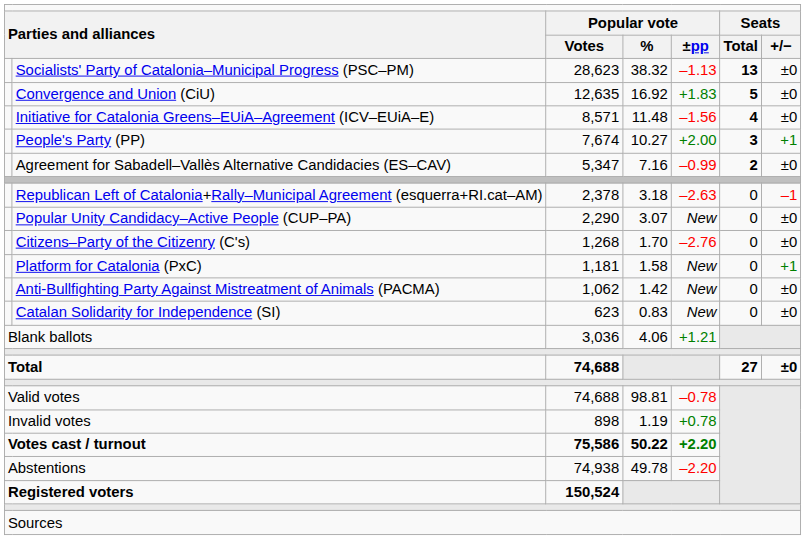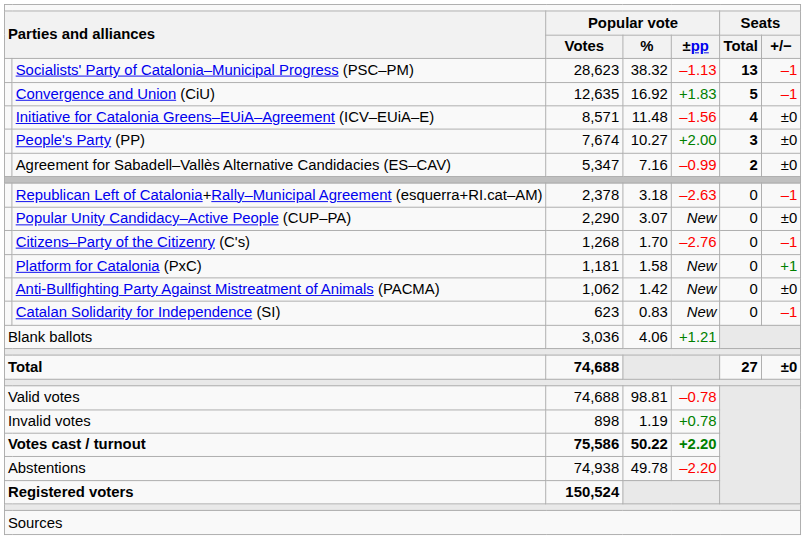 <table class="wikitable" style="text-align:right;">
 <tr>
 <td colspan="7"></td>
 </tr>
 <tr>
 <th style="text-align:left;" rowspan="2" colspan="2" width="525">Parties and alliances</th>
 <th colspan="3">Popular vote</th>
 <th colspan="2">Seats</th>
 </tr>
 <tr>
 <th width="75">Votes</th>
 <th width="45">%</th>
 <th width="45">±<a href='#'>pp</a></th>
 <th width="35">Total</th>
 <th width="35">+/−</th>
 </tr>
 <tr>
 <td width="1" style="color:inherit;background:"></td>
 <td align="left"><a href='#'>Socialists' Party of Catalonia–Municipal Progress</a> (PSC–PM)</td>
 <td>28,623</td>
 <td>38.32</td>
 <td style="color:red;">–1.13</td>
 <td><strong>13</strong></td>
-<td>±0</td>
+<td style="color:red;">–1</td>
 </tr>
 <tr>
 <td style="color:inherit;background:"></td>
 <td align="left"><a href='#'>Convergence and Union</a> (CiU)</td>
 <td>12,635</td>
 <td>16.92</td>
 <td style="color:green;">+1.83</td>
 <td><strong>5</strong></td>
-<td>±0</td>
+<td style="color:red;">–1</td>
 </tr>
 <tr>
 <td style="color:inherit;background:"></td>
 <td align="left"><a href='#'>Initiative for Catalonia Greens–EUiA–Agreement</a> (ICV–EUiA–E)</td>
 <td>8,571</td>
 <td>11.48</td>
 <td style="color:red;">–1.56</td>
 <td><strong>4</strong></td>
 <td>±0</td>
 </tr>
 <tr>
 <td style="color:inherit;background:"></td>
 <td align="left"><a href='#'>People's Party</a> (PP)</td>
 <td>7,674</td>
 <td>10.27</td>
 <td style="color:green;">+2.00</td>
 <td><strong>3</strong></td>
-<td style="color:green;">+1</td>
+<td>±0</td>
 </tr>
 <tr>
 <td style="color:inherit;background:"></td>
 <td align="left">Agreement for Sabadell–Vallès Alternative Candidacies (ES–CAV)</td>
 <td>5,347</td>
 <td>7.16</td>
 <td style="color:red;">–0.99</td>
 <td><strong>2</strong></td>
 <td>±0</td>
 </tr>
 <tr>
 <td colspan="7" style="color:inherit;background:#C0C0C0"></td>
 </tr>
 <tr>
 <td style="color:inherit;background:"></td>
 <td align="left"><a href='#'>Republican Left of Catalonia</a>+<a href='#'>Rally–Municipal Agreement</a> (esquerra+RI.cat–AM)</td>
 <td>2,378</td>
 <td>3.18</td>
 <td style="color:red;">–2.63</td>
 <td>0</td>
 <td style="color:red;">–1</td>
 </tr>
 <tr>
 <td style="color:inherit;background:"></td>
 <td align="left"><a href='#'>Popular Unity Candidacy–Active People</a> (CUP–PA)</td>
 <td>2,290</td>
 <td>3.07</td>
 <td><em>New</em></td>
 <td>0</td>
 <td>±0</td>
 </tr>
 <tr>
 <td style="color:inherit;background:"></td>
 <td align="left"><a href='#'>Citizens–Party of the Citizenry</a> (C's)</td>
 <td>1,268</td>
 <td>1.70</td>
 <td style="color:red;">–2.76</td>
 <td>0</td>
-<td>±0</td>
+<td style="color:red;">–1</td>
 </tr>
 <tr>
 <td style="color:inherit;background:"></td>
 <td align="left"><a href='#'>Platform for Catalonia</a> (PxC)</td>
 <td>1,181</td>
 <td>1.58</td>
 <td><em>New</em></td>
 <td>0</td>
 <td style="color:green;">+1</td>
 </tr>
 <tr>
 <td style="color:inherit;background:"></td>
 <td align="left"><a href='#'>Anti-Bullfighting Party Against Mistreatment of Animals</a> (PACMA)</td>
 <td>1,062</td>
 <td>1.42</td>
 <td><em>New</em></td>
 <td>0</td>
 <td>±0</td>
 </tr>
 <tr>
 <td style="color:inherit;background:"></td>
 <td align="left"><a href='#'>Catalan Solidarity for Independence</a> (SI)</td>
 <td>623</td>
 <td>0.83</td>
 <td><em>New</em></td>
 <td>0</td>
-<td>±0</td>
+<td style="color:red;">–1</td>
 </tr>
 <tr>
 <td align="left" colspan="2">Blank ballots</td>
 <td>3,036</td>
 <td>4.06</td>
 <td style="color:green;">+1.21</td>
 <td style="color:inherit;background:#E9E9E9" colspan="2"></td>
 </tr>
 <tr>
 <td colspan="7" style="color:inherit;background:#E9E9E9"></td>
 </tr>
 <tr style="font-weight:bold;">
 <td align="left" colspan="2">Total</td>
 <td>74,688</td>
 <td bgcolor="#E9E9E9" colspan="2"></td>
 <td>27</td>
 <td>±0</td>
 </tr>
 <tr>
 <td colspan="7" style="color:inherit;background:#E9E9E9"></td>
 </tr>
 <tr>
 <td align="left" colspan="2">Valid votes</td>
 <td>74,688</td>
 <td>98.81</td>
 <td style="color:red;">–0.78</td>
 <td bgcolor="#E9E9E9" colspan="2" rowspan="5"></td>
 </tr>
 <tr>
 <td align="left" colspan="2">Invalid votes</td>
 <td>898</td>
 <td>1.19</td>
 <td style="color:green;">+0.78</td>
 </tr>
 <tr style="font-weight:bold;">
 <td align="left" colspan="2">Votes cast / turnout</td>
 <td>75,586</td>
 <td>50.22</td>
 <td style="color:green;">+2.20</td>
 </tr>
 <tr>
 <td align="left" colspan="2">Abstentions</td>
 <td>74,938</td>
 <td>49.78</td>
 <td style="color:red;">–2.20</td>
 </tr>
 <tr style="font-weight:bold;">
 <td align="left" colspan="2">Registered voters</td>
 <td>150,524</td>
 <td bgcolor="#E9E9E9" colspan="2"></td>
 </tr>
 <tr>
 <td colspan="7" style="color:inherit;background:#E9E9E9"></td>
 </tr>
 <tr>
 <td align="left" colspan="7">Sources</td>
 </tr>
 </table>
